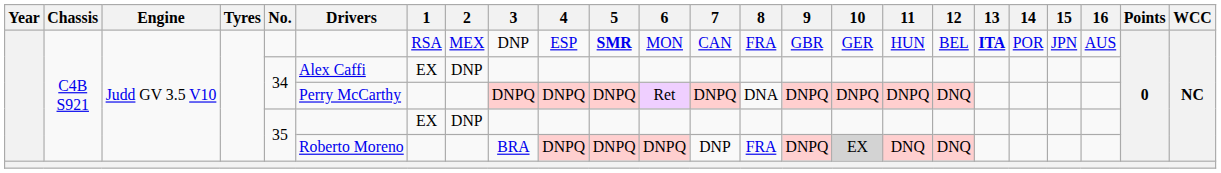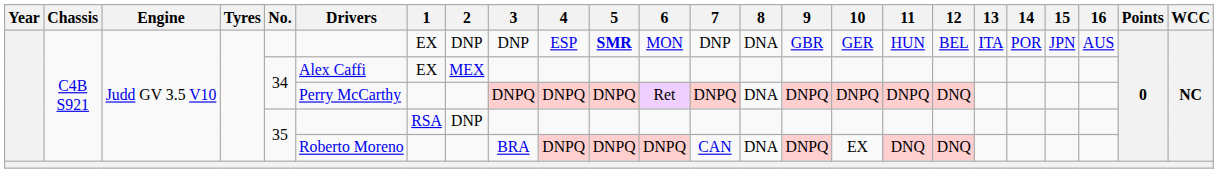 <table class="wikitable" style="text-align:center; font-size:85%">
 <tr>
 <th>Year</th>
 <th>Chassis</th>
 <th>Engine</th>
 <th>Tyres</th>
 <th>No.</th>
 <th>Drivers</th>
 <th>1</th>
 <th>2</th>
 <th>3</th>
 <th>4</th>
 <th>5</th>
 <th>6</th>
 <th>7</th>
 <th>8</th>
 <th>9</th>
 <th>10</th>
 <th>11</th>
 <th>12</th>
 <th>13</th>
 <th>14</th>
 <th>15</th>
 <th>16</th>
 <th>Points</th>
 <th>WCC</th>
 </tr>
 <tr>
 <th rowspan="5"></th>
 <td rowspan="5"><a href='#'>C4B</a><br><a href='#'>S921</a></td>
 <td rowspan="5"><a href='#'>Judd</a> GV 3.5 <a href='#'>V10</a></td>
 <td rowspan="5"></td>
 <td></td>
 <td></td>
-<td><a href='#'>RSA</a></td>
-<td><a href='#'>MEX</a></td>
+<td>EX</td>
+<td>DNP</td>
 <td>DNP</td>
 <td><a href='#'>ESP</a></td>
 <td><strong><a href='#'>SMR</a></strong></td>
 <td><a href='#'>MON</a></td>
-<td><a href='#'>CAN</a></td>
-<td><a href='#'>FRA</a></td>
+<td>DNP</td>
+<td>DNA</td>
 <td><a href='#'>GBR</a></td>
 <td><a href='#'>GER</a></td>
 <td><a href='#'>HUN</a></td>
 <td><a href='#'>BEL</a></td>
-<td><strong><a href='#'>ITA</a></strong></td>
+<td><a href='#'>ITA</a></td>
 <td><a href='#'>POR</a></td>
 <td><a href='#'>JPN</a></td>
 <td><a href='#'>AUS</a></td>
 <th rowspan="5">0</th>
 <th rowspan="5">NC</th>
 </tr>
 <tr>
 <td rowspan="2">34</td>
 <td align="left"> <a href='#'>Alex Caffi</a></td>
 <td>EX</td>
-<td>DNP</td>
+<td><a href='#'>MEX</a></td>
 <td></td>
 <td></td>
 <td></td>
 <td></td>
 <td></td>
 <td></td>
 <td></td>
 <td></td>
 <td></td>
 <td></td>
 <td></td>
 <td></td>
 <td></td>
 <td></td>
 </tr>
 <tr>
 <td align="left"> <a href='#'>Perry McCarthy</a></td>
 <td></td>
 <td></td>
 <td style="background:#FFCFCF;">DNPQ</td>
 <td style="background:#FFCFCF;">DNPQ</td>
 <td style="background:#FFCFCF;">DNPQ</td>
 <td style="background:#EFCFFF;">Ret</td>
 <td style="background:#FFCFCF;">DNPQ</td>
 <td>DNA</td>
 <td style="background:#FFCFCF;">DNPQ</td>
 <td style="background:#FFCFCF;">DNPQ</td>
 <td style="background:#FFCFCF;">DNPQ</td>
 <td style="background:#FFCFCF;">DNQ</td>
 <td></td>
 <td></td>
 <td></td>
 <td></td>
 </tr>
 <tr>
 <td rowspan="2">35</td>
 <td align="left"></td>
-<td>EX</td>
+<td><a href='#'>RSA</a></td>
 <td>DNP</td>
 <td></td>
 <td></td>
 <td></td>
 <td></td>
 <td></td>
 <td></td>
 <td></td>
 <td></td>
 <td></td>
 <td></td>
 <td></td>
 <td></td>
 <td></td>
 <td></td>
 </tr>
 <tr>
 <td align="left"> <a href='#'>Roberto Moreno</a></td>
 <td></td>
 <td></td>
 <td><a href='#'>BRA</a></td>
 <td style="background:#FFCFCF;">DNPQ</td>
 <td style="background:#FFCFCF;">DNPQ</td>
 <td style="background:#FFCFCF;">DNPQ</td>
-<td>DNP</td>
-<td><a href='#'>FRA</a></td>
+<td><a href='#'>CAN</a></td>
+<td>DNA</td>
 <td style="background:#FFCFCF;">DNPQ</td>
-<td style="background: lightgrey;">EX</td>
+<td>EX</td>
 <td style="background:#FFCFCF;">DNQ</td>
 <td style="background:#FFCFCF;">DNQ</td>
 <td></td>
 <td></td>
 <td></td>
 <td></td>
 </tr>
 <tr>
 <th colspan="24"></th>
 </tr>
 </table>
